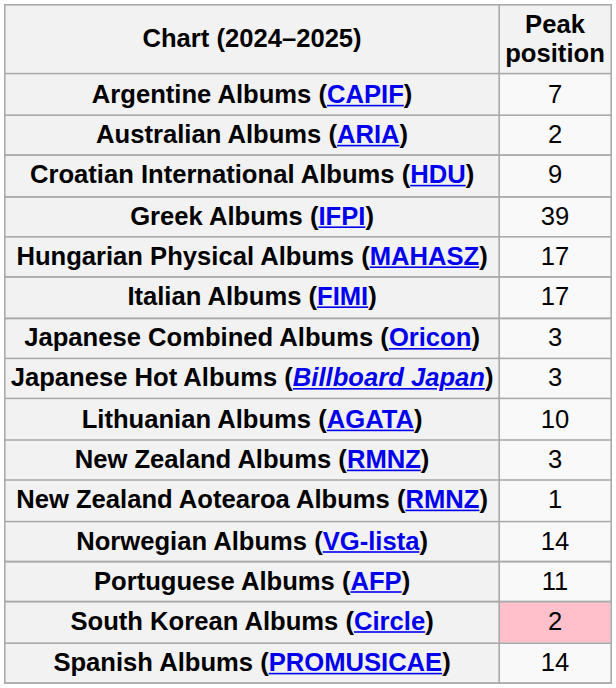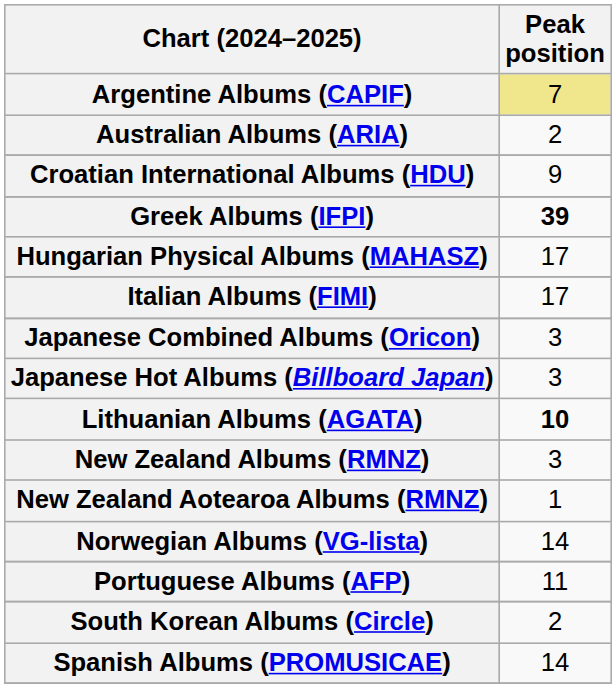 <table class="wikitable sortable plainrowheaders" style="text-align:center">
 <tr>
 <th scope="col">Chart (2024–2025)</th>
 <th scope="col">Peak<br>position</th>
 </tr>
 <tr>
 <th scope="row">Argentine Albums (<a href='#'>CAPIF</a>)</th>
-<td>7</td>
+<td style="background: khaki;">7</td>
 </tr>
 <tr>
 <th scope="row">Australian Albums (<a href='#'>ARIA</a>)</th>
 <td>2</td>
 </tr>
 <tr>
 </tr>
 <tr>
 </tr>
 <tr>
 </tr>
 <tr>
 </tr>
 <tr>
 <th scope="row">Croatian International Albums (<a href='#'>HDU</a>)</th>
 <td>9</td>
 </tr>
 <tr>
 </tr>
 <tr>
 </tr>
 <tr>
 </tr>
 <tr>
 </tr>
 <tr>
 <th scope="row">Greek Albums (<a href='#'>IFPI</a>)</th>
-<td>39</td>
+<td><strong>39</strong></td>
 </tr>
 <tr>
 <th scope="row">Hungarian Physical Albums (<a href='#'>MAHASZ</a>)</th>
 <td>17</td>
 </tr>
 <tr>
 </tr>
 <tr>
 <th scope="row">Italian Albums (<a href='#'>FIMI</a>)</th>
 <td>17</td>
 </tr>
 <tr>
 </tr>
 <tr>
 <th scope="row">Japanese Combined Albums (<a href='#'>Oricon</a>)</th>
 <td>3</td>
 </tr>
 <tr>
 <th scope="row">Japanese Hot Albums (<em><a href='#'>Billboard Japan</a></em>)</th>
 <td>3</td>
 </tr>
 <tr>
 <th scope="row">Lithuanian Albums (<a href='#'>AGATA</a>)</th>
-<td>10</td>
+<td><strong>10</strong></td>
 </tr>
 <tr>
 <th scope="row">New Zealand Albums (<a href='#'>RMNZ</a>)</th>
 <td>3</td>
 </tr>
 <tr>
 <th scope="row">New Zealand Aotearoa Albums (<a href='#'>RMNZ</a>)</th>
 <td>1</td>
 </tr>
 <tr>
 <th scope="row">Norwegian Albums (<a href='#'>VG-lista</a>)</th>
 <td>14</td>
 </tr>
 <tr>
 </tr>
 <tr>
 <th scope="row">Portuguese Albums (<a href='#'>AFP</a>)</th>
 <td>11</td>
 </tr>
 <tr>
 </tr>
 <tr>
 <th scope="row">South Korean Albums (<a href='#'>Circle</a>)</th>
-<td style="background: pink;">2</td>
+<td>2</td>
 </tr>
 <tr>
 <th scope="row">Spanish Albums (<a href='#'>PROMUSICAE</a>)</th>
 <td>14</td>
 </tr>
 <tr>
 </tr>
 <tr>
 </tr>
 <tr>
 </tr>
 <tr>
 </tr>
 </table>
